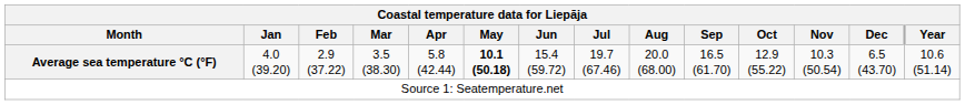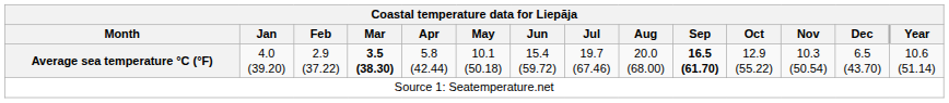 <table style="width:100%;text-align:center;line-height:1.2em;margin-left:auto;margin-right:auto" class="wikitable">
 <tr>
 <th Colspan=14>Coastal temperature data for Liepāja</th>
 </tr>
 <tr>
 <th>Month</th>
 <th>Jan</th>
 <th>Feb</th>
 <th>Mar</th>
 <th>Apr</th>
 <th>May</th>
 <th>Jun</th>
 <th>Jul</th>
 <th>Aug</th>
 <th>Sep</th>
 <th>Oct</th>
 <th>Nov</th>
 <th>Dec</th>
 <th style="border-left-width:medium">Year</th>
 </tr>
 <tr>
 <th>Average sea temperature °C (°F)</th>
 <td>4.0<br>(39.20)</td>
 <td>2.9<br>(37.22)</td>
-<td>3.5<br>(38.30)</td>
+<td><strong>3.5<br>(38.30)</strong></td>
 <td>5.8<br>(42.44)</td>
-<td><strong>10.1<br>(50.18)</strong></td>
+<td>10.1<br>(50.18)</td>
 <td>15.4<br>(59.72)</td>
 <td>19.7<br>(67.46)</td>
 <td>20.0<br>(68.00)</td>
-<td>16.5<br>(61.70)</td>
+<td><strong>16.5<br>(61.70)</strong></td>
 <td>12.9<br>(55.22)</td>
 <td>10.3<br>(50.54)</td>
 <td>6.5<br>(43.70)</td>
 <td>10.6<br>(51.14)</td>
 </tr>
 <tr>
 <th Colspan=14 style="background:#ffffff;font-weight:normal;font-size:100%;">Source 1: Seatemperature.net</th>
 </tr>
 </table>
